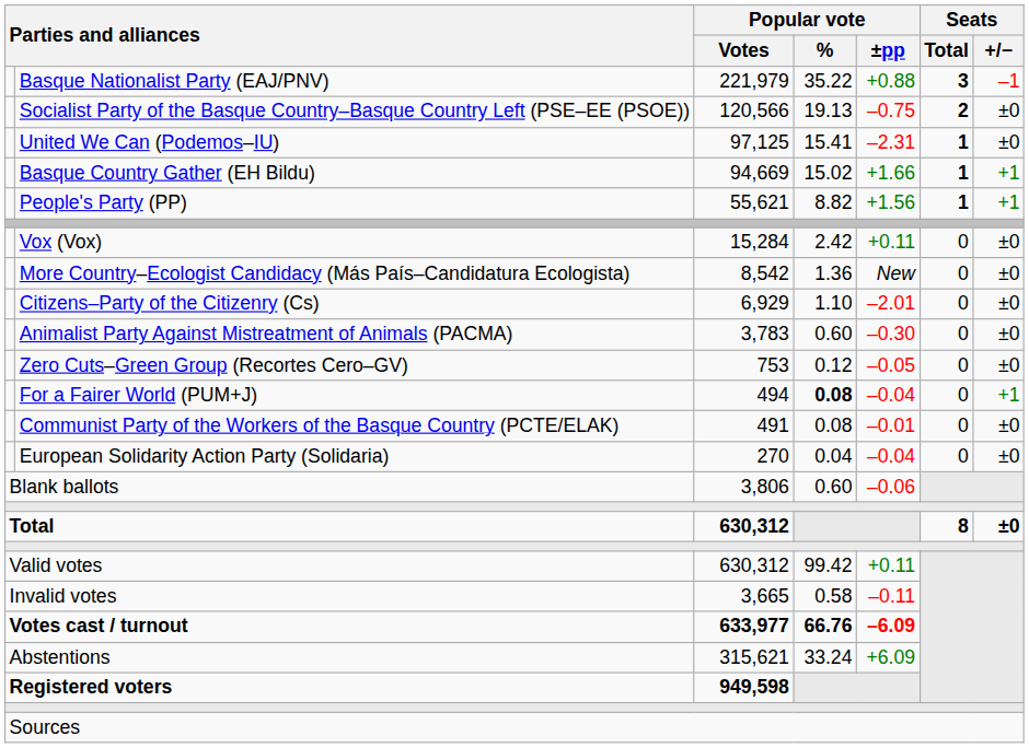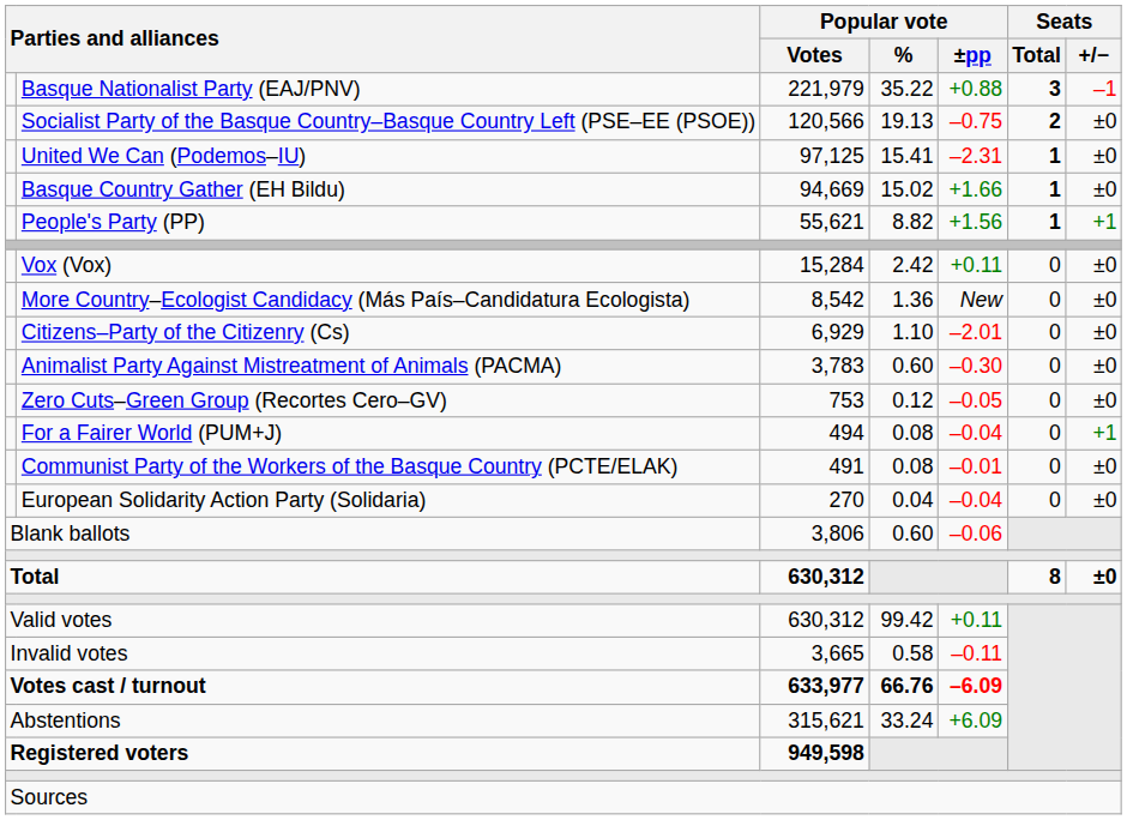 <table class="wikitable" style="text-align:right;">
 <tr>
 <th style="text-align:left;" rowspan="2" colspan="2" width="525">Parties and alliances</th>
 <th colspan="3">Popular vote</th>
 <th colspan="2">Seats</th>
 </tr>
 <tr>
 <th width="75">Votes</th>
 <th width="45">%</th>
 <th width="45">±<a href='#'>pp</a></th>
 <th width="35">Total</th>
 <th width="35">+/−</th>
 </tr>
 <tr>
 <td width="1" style="color:inherit;background:"></td>
 <td align="left"><a href='#'>Basque Nationalist Party</a> (EAJ/PNV)</td>
 <td>221,979</td>
 <td>35.22</td>
 <td style="color:green;">+0.88</td>
 <td><strong>3</strong></td>
 <td style="color:red;">–1</td>
 </tr>
 <tr>
 <td style="color:inherit;background:"></td>
 <td align="left"><a href='#'>Socialist Party of the Basque Country–Basque Country Left</a> (PSE–EE (PSOE))</td>
 <td>120,566</td>
 <td>19.13</td>
 <td style="color:red;">–0.75</td>
 <td><strong>2</strong></td>
 <td>±0</td>
 </tr>
 <tr>
 <td style="color:inherit;background:"></td>
 <td align="left"><a href='#'>United We Can</a> (<a href='#'>Podemos</a>–<a href='#'>IU</a>)</td>
 <td>97,125</td>
 <td>15.41</td>
 <td style="color:red;">–2.31</td>
 <td><strong>1</strong></td>
 <td>±0</td>
 </tr>
 <tr>
 <td style="color:inherit;background:"></td>
 <td align="left"><a href='#'>Basque Country Gather</a> (EH Bildu)</td>
 <td>94,669</td>
 <td>15.02</td>
 <td style="color:green;">+1.66</td>
 <td><strong>1</strong></td>
-<td style="color:green;">+1</td>
+<td>±0</td>
 </tr>
 <tr>
 <td style="color:inherit;background:"></td>
 <td align="left"><a href='#'>People's Party</a> (PP)</td>
 <td>55,621</td>
 <td>8.82</td>
 <td style="color:green;">+1.56</td>
 <td><strong>1</strong></td>
 <td style="color:green;">+1</td>
 </tr>
 <tr>
 <td colspan="7" bgcolor="#C0C0C0"></td>
 </tr>
 <tr>
 <td style="color:inherit;background:"></td>
 <td align="left"><a href='#'>Vox</a> (Vox)</td>
 <td>15,284</td>
 <td>2.42</td>
 <td style="color:green;">+0.11</td>
 <td>0</td>
 <td>±0</td>
 </tr>
 <tr>
 <td style="color:inherit;background:"></td>
 <td align="left"><a href='#'>More Country</a>–<a href='#'>Ecologist Candidacy</a> (Más País–Candidatura Ecologista)</td>
 <td>8,542</td>
 <td>1.36</td>
 <td><em>New</em></td>
 <td>0</td>
 <td>±0</td>
 </tr>
 <tr>
 <td style="color:inherit;background:"></td>
 <td align="left"><a href='#'>Citizens–Party of the Citizenry</a> (Cs)</td>
 <td>6,929</td>
 <td>1.10</td>
 <td style="color:red;">–2.01</td>
 <td>0</td>
 <td>±0</td>
 </tr>
 <tr>
 <td style="color:inherit;background:"></td>
 <td align="left"><a href='#'>Animalist Party Against Mistreatment of Animals</a> (PACMA)</td>
 <td>3,783</td>
 <td>0.60</td>
 <td style="color:red;">–0.30</td>
 <td>0</td>
 <td>±0</td>
 </tr>
 <tr>
 <td style="color:inherit;background:"></td>
 <td align="left"><a href='#'>Zero Cuts</a>–<a href='#'>Green Group</a> (Recortes Cero–GV)</td>
 <td>753</td>
 <td>0.12</td>
 <td style="color:red;">–0.05</td>
 <td>0</td>
 <td>±0</td>
 </tr>
 <tr>
 <td style="color:inherit;background:"></td>
 <td align="left"><a href='#'>For a Fairer World</a> (PUM+J)</td>
 <td>494</td>
-<td><strong>0.08</strong></td>
+<td>0.08</td>
 <td style="color:red;">–0.04</td>
 <td>0</td>
 <td style="color:green;">+1</td>
 </tr>
 <tr>
 <td style="color:inherit;background:"></td>
 <td align="left"><a href='#'>Communist Party of the Workers of the Basque Country</a> (PCTE/ELAK)</td>
 <td>491</td>
 <td>0.08</td>
 <td style="color:red;">–0.01</td>
 <td>0</td>
 <td>±0</td>
 </tr>
 <tr>
 <td style="color:inherit;background:"></td>
 <td align="left">European Solidarity Action Party (Solidaria)</td>
 <td>270</td>
 <td>0.04</td>
 <td style="color:red;">–0.04</td>
 <td>0</td>
 <td>±0</td>
 </tr>
 <tr>
 <td align="left" colspan="2">Blank ballots</td>
 <td>3,806</td>
 <td>0.60</td>
 <td style="color:red;">–0.06</td>
 <td bgcolor="#E9E9E9" colspan="2"></td>
 </tr>
 <tr>
 <td colspan="7" bgcolor="#E9E9E9"></td>
 </tr>
 <tr style="font-weight:bold;">
 <td align="left" colspan="2">Total</td>
 <td>630,312</td>
 <td bgcolor="#E9E9E9" colspan="2"></td>
 <td>8</td>
 <td>±0</td>
 </tr>
 <tr>
 <td colspan="7" bgcolor="#E9E9E9"></td>
 </tr>
 <tr>
 <td align="left" colspan="2">Valid votes</td>
 <td>630,312</td>
 <td>99.42</td>
 <td style="color:green;">+0.11</td>
 <td bgcolor="#E9E9E9" colspan="2" rowspan="5"></td>
 </tr>
 <tr>
 <td align="left" colspan="2">Invalid votes</td>
 <td>3,665</td>
 <td>0.58</td>
 <td style="color:red;">–0.11</td>
 </tr>
 <tr style="font-weight:bold;">
 <td align="left" colspan="2">Votes cast / turnout</td>
 <td>633,977</td>
 <td>66.76</td>
 <td style="color:red;">–6.09</td>
 </tr>
 <tr>
 <td align="left" colspan="2">Abstentions</td>
 <td>315,621</td>
 <td>33.24</td>
 <td style="color:green;">+6.09</td>
 </tr>
 <tr style="font-weight:bold;">
 <td align="left" colspan="2">Registered voters</td>
 <td>949,598</td>
 <td bgcolor="#E9E9E9" colspan="2"></td>
 </tr>
 <tr>
 <td colspan="7" bgcolor="#E9E9E9"></td>
 </tr>
 <tr>
 <td align="left" colspan="7">Sources</td>
 </tr>
 </table>
